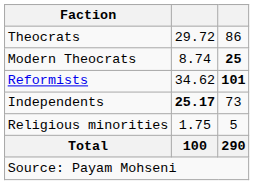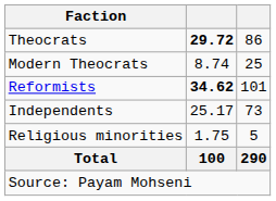 <table class=wikitable style=text-align:center>
 <tr>
 <th>Faction</th>
 <th></th>
 <th></th>
 </tr>
 <tr>
 <td align=left>Theocrats</td>
-<td>29.72</td>
+<td><strong>29.72</strong></td>
 <td>86</td>
 </tr>
 <tr>
 <td align=left>Modern Theocrats</td>
 <td>8.74</td>
-<td><strong>25</strong></td>
+<td>25</td>
 </tr>
 <tr>
 <td align=left><a href='#'>Reformists</a></td>
-<td>34.62</td>
-<td><strong>101</strong></td>
+<td><strong>34.62</strong></td>
+<td>101</td>
 </tr>
 <tr>
 <td align=left>Independents</td>
-<td><strong>25.17</strong></td>
+<td>25.17</td>
 <td>73</td>
 </tr>
 <tr>
 <td align=left>Religious minorities</td>
 <td>1.75</td>
 <td>5</td>
 </tr>
 <tr>
 <th align=left>Total</th>
 <th>100</th>
 <th>290</th>
 </tr>
 <tr>
 <td colspan=4 align=left>Source: Payam Mohseni</td>
 </tr>
 </table>
